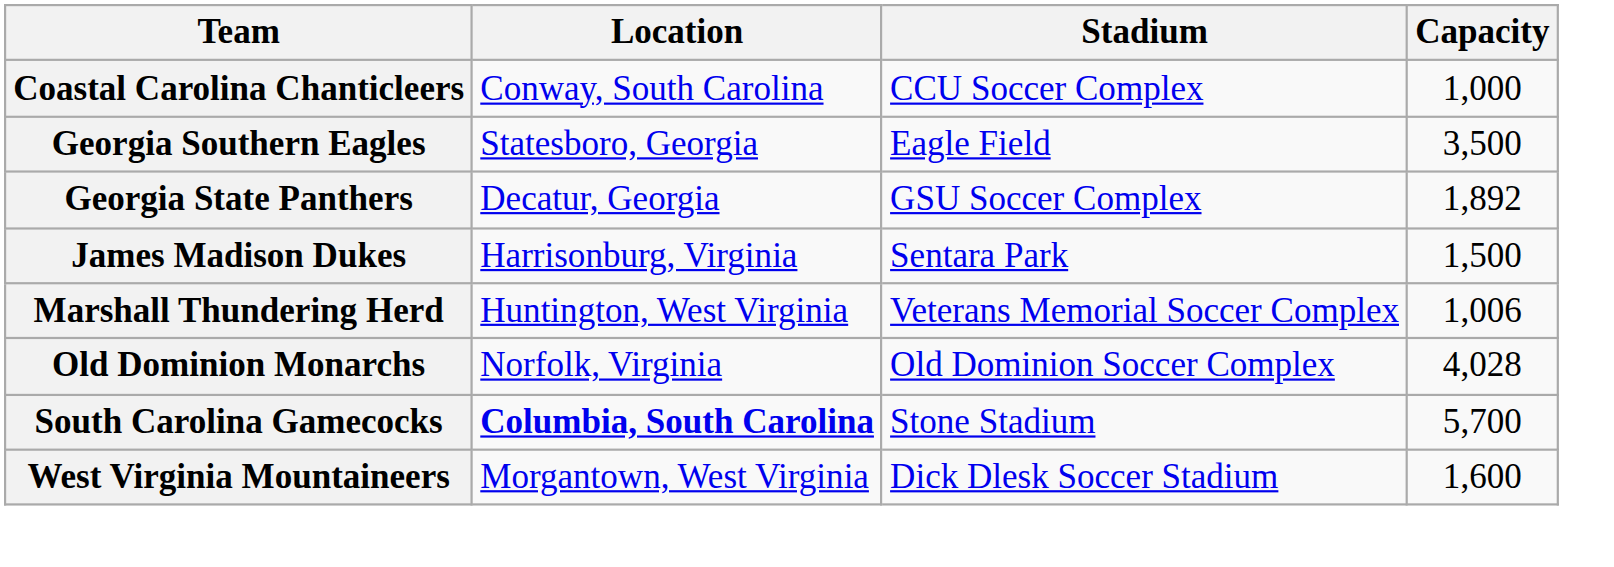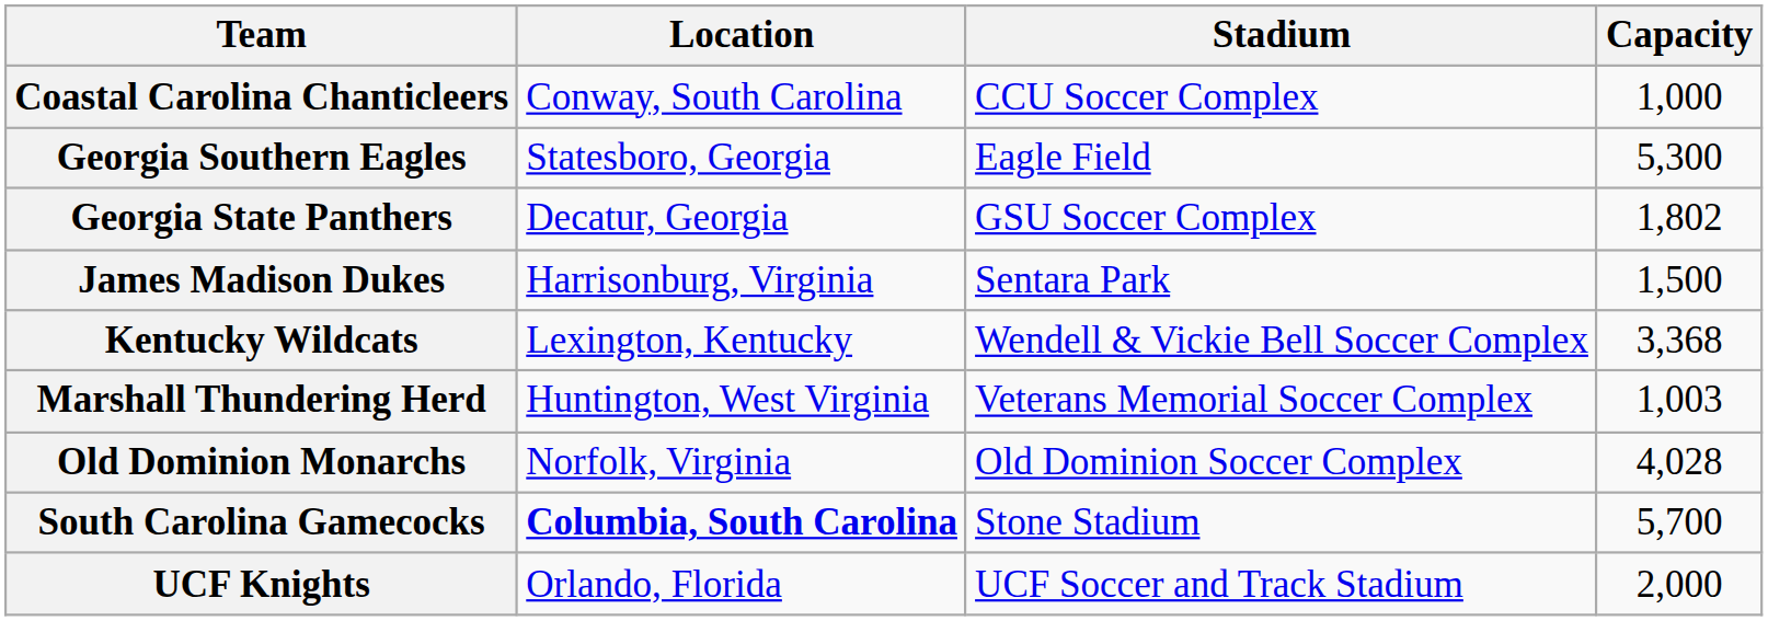 <table class="wikitable sortable">
 <tr>
 <th>Team</th>
 <th>Location</th>
 <th>Stadium</th>
 <th>Capacity</th>
 </tr>
 <tr>
 <th>Coastal Carolina Chanticleers</th>
 <td><a href='#'>Conway, South Carolina</a></td>
 <td><a href='#'>CCU Soccer Complex</a></td>
 <td style="text-align:center">1,000</td>
 </tr>
 <tr>
 <th>Georgia Southern Eagles</th>
 <td><a href='#'>Statesboro, Georgia</a></td>
 <td><a href='#'>Eagle Field</a></td>
-<td style="text-align:center">3,500</td>
+<td style="text-align:center">5,300</td>
 </tr>
 <tr>
 <th>Georgia State Panthers</th>
 <td><a href='#'>Decatur, Georgia</a></td>
 <td><a href='#'>GSU Soccer Complex</a></td>
-<td style="text-align:center">1,892</td>
+<td style="text-align:center">1,802</td>
 </tr>
 <tr>
 <th>James Madison Dukes</th>
 <td><a href='#'>Harrisonburg, Virginia</a></td>
 <td><a href='#'>Sentara Park</a></td>
 <td style="text-align:center">1,500</td>
 </tr>
 <tr>
+<th>Kentucky Wildcats</th>
+<td><a href='#'>Lexington, Kentucky</a></td>
+<td><a href='#'>Wendell & Vickie Bell Soccer Complex</a></td>
+<td style="text-align:center">3,368</td>
+</tr>
+<tr>
 <th>Marshall Thundering Herd</th>
 <td><a href='#'>Huntington, West Virginia</a></td>
 <td><a href='#'>Veterans Memorial Soccer Complex</a></td>
-<td style="text-align:center">1,006</td>
+<td style="text-align:center">1,003</td>
 </tr>
 <tr>
 <th>Old Dominion Monarchs</th>
 <td><a href='#'>Norfolk, Virginia</a></td>
 <td><a href='#'>Old Dominion Soccer Complex</a></td>
 <td style="text-align:center">4,028</td>
 </tr>
 <tr>
 <th>South Carolina Gamecocks</th>
 <td><strong><a href='#'>Columbia, South Carolina</a></strong></td>
 <td><a href='#'>Stone Stadium</a></td>
 <td style="text-align:center">5,700</td>
 </tr>
 <tr>
-<th>West Virginia Mountaineers</th>
-<td><a href='#'>Morgantown, West Virginia</a></td>
-<td><a href='#'>Dick Dlesk Soccer Stadium</a></td>
-<td style="text-align:center">1,600</td>
+<th>UCF Knights</th>
+<td><a href='#'>Orlando, Florida</a></td>
+<td><a href='#'>UCF Soccer and Track Stadium</a></td>
+<td style="text-align:center">2,000</td>
 </tr>
 </table>
